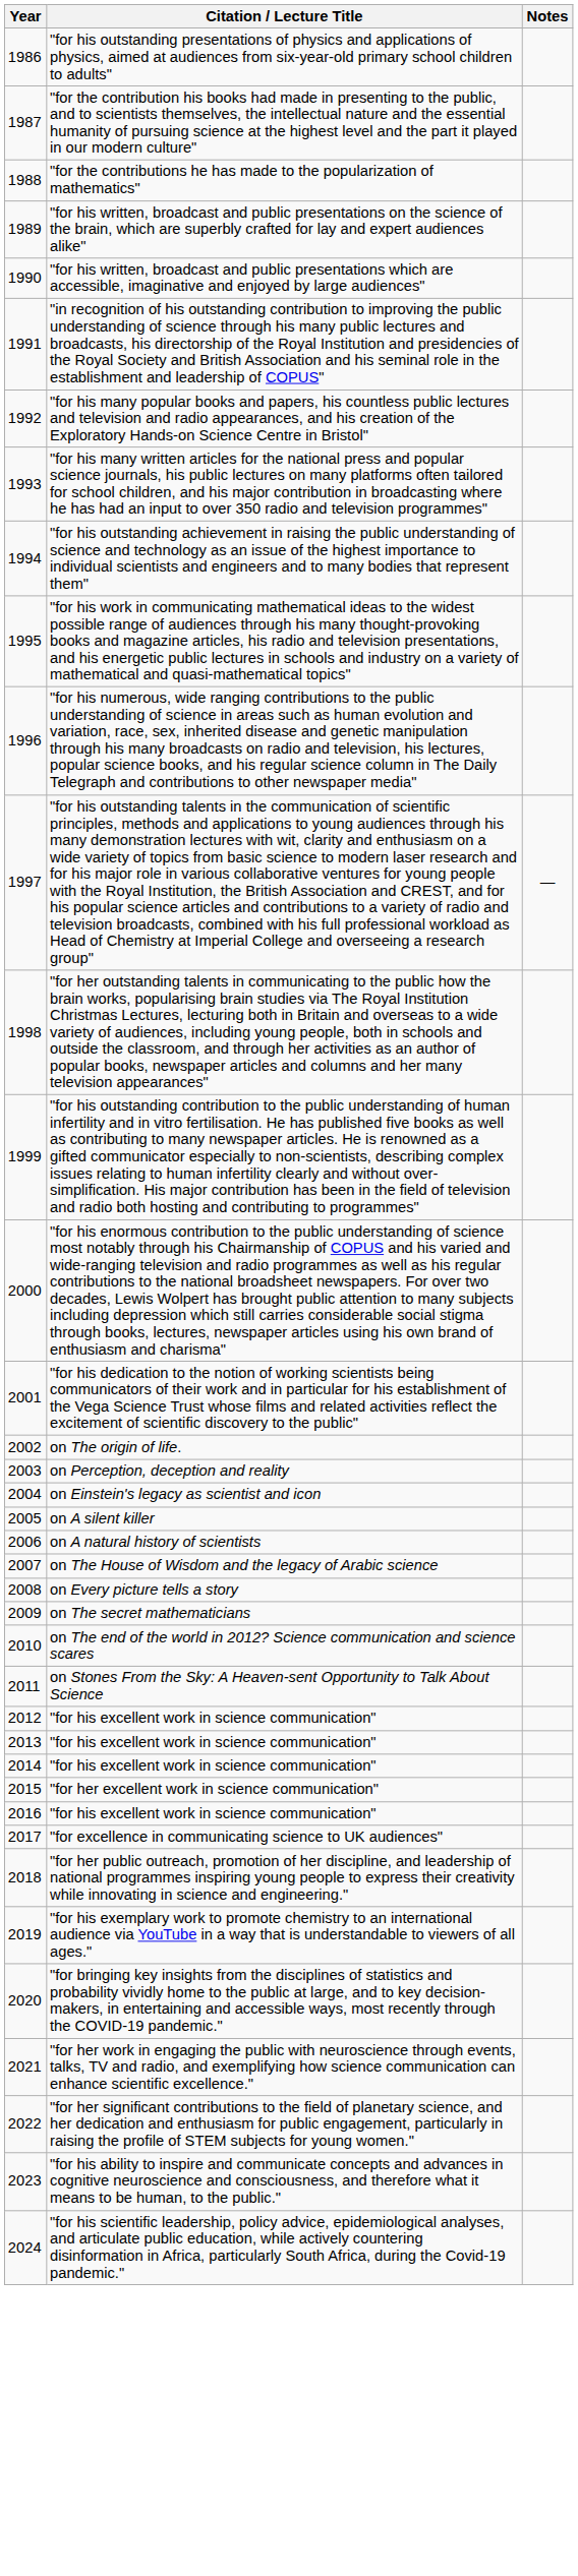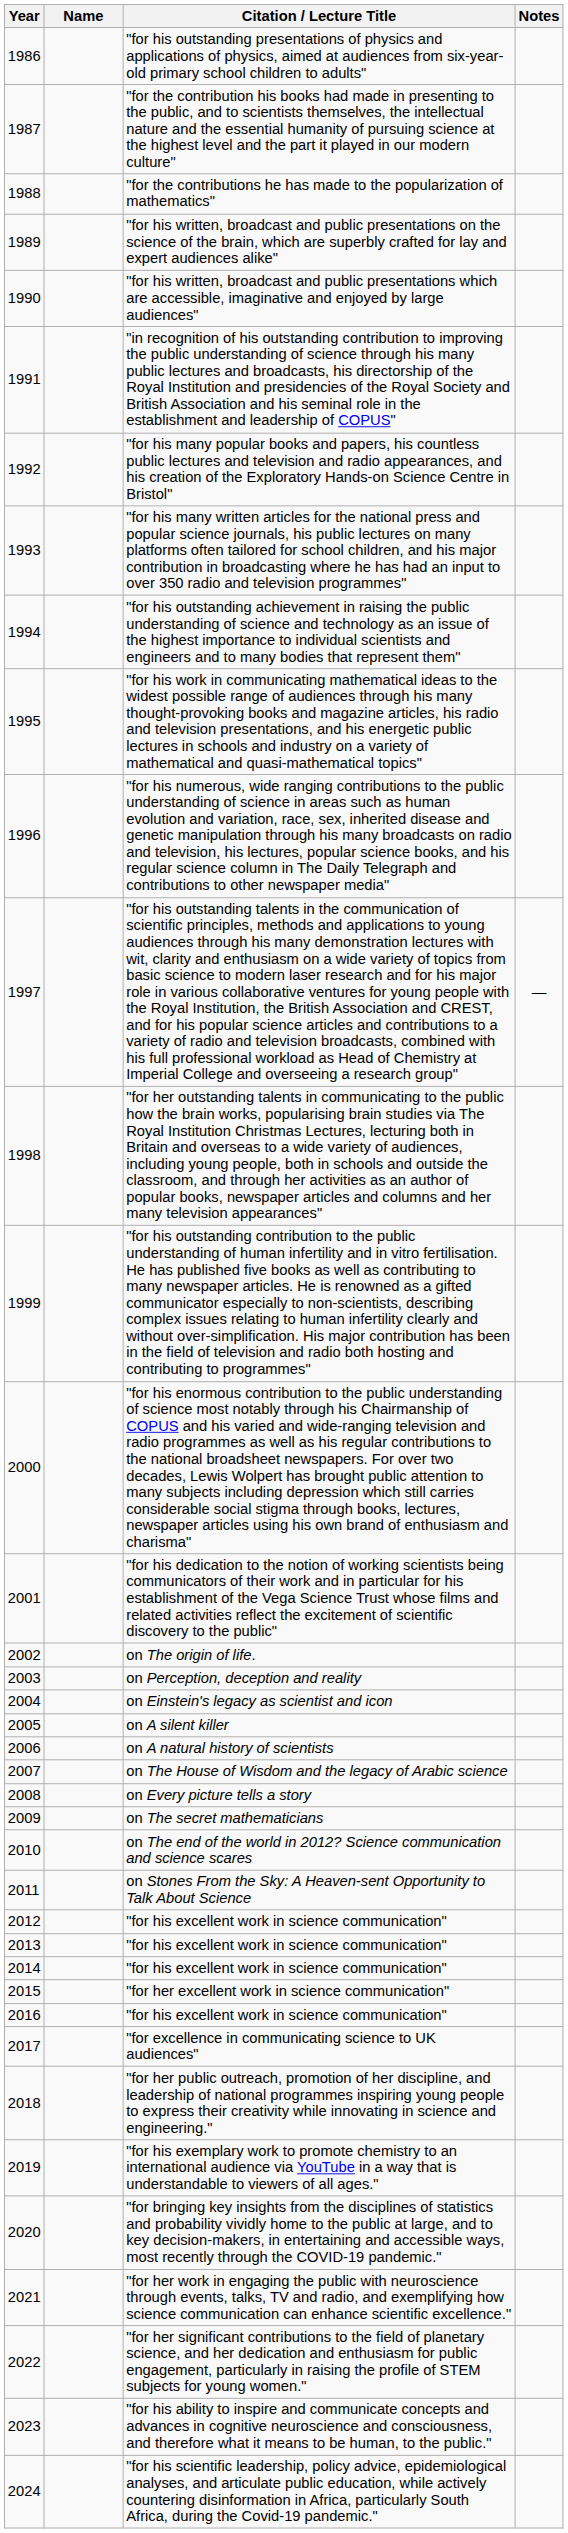 <table class="wikitable sortable" border="1" style="align:left;">
 <tr>
 <th width="4%">Year</th>
+<th width="15%"class="unsortable">Name</th>
 <th width="78%" class="unsortable">Citation / Lecture Title</th>
 <th width="5%" class="unsortable">Notes</th>
 </tr>
 <tr>
 <td>1986</td>
+<td></td>
 <td>"for his outstanding presentations of physics and applications of physics, aimed at audiences from six-year-old primary school children to adults"</td>
 <td align=center></td>
 </tr>
 <tr>
 <td>1987</td>
+<td></td>
 <td>"for the contribution his books had made in presenting to the public, and to scientists themselves, the intellectual nature and the essential humanity of pursuing science at the highest level and the part it played in our modern culture"</td>
 <td align=center></td>
 </tr>
 <tr>
 <td>1988</td>
+<td></td>
 <td>"for the contributions he has made to the popularization of mathematics"</td>
 <td align=center></td>
 </tr>
 <tr>
 <td>1989</td>
+<td></td>
 <td>"for his written, broadcast and public presentations on the science of the brain, which are superbly crafted for lay and expert audiences alike"</td>
 <td align=center></td>
 </tr>
 <tr>
 <td>1990</td>
+<td></td>
 <td>"for his written, broadcast and public presentations which are accessible, imaginative and enjoyed by large audiences"</td>
 <td align=center></td>
 </tr>
 <tr>
 <td>1991</td>
+<td></td>
 <td>"in recognition of his outstanding contribution to improving the public understanding of science through his many public lectures and broadcasts, his directorship of the Royal Institution and presidencies of the Royal Society and British Association and his seminal role in the establishment and leadership of <a href='#'>COPUS</a>"</td>
 <td align=center></td>
 </tr>
 <tr>
 <td>1992</td>
+<td></td>
 <td>"for his many popular books and papers, his countless public lectures and television and radio appearances, and his creation of the Exploratory Hands-on Science Centre in Bristol"</td>
 <td align=center></td>
 </tr>
 <tr>
 <td>1993</td>
+<td></td>
 <td>"for his many written articles for the national press and popular science journals, his public lectures on many platforms often tailored for school children, and his major contribution in broadcasting where he has had an input to over 350 radio and television programmes"</td>
 <td align=center></td>
 </tr>
 <tr>
 <td>1994</td>
+<td></td>
 <td>"for his outstanding achievement in raising the public understanding of science and technology as an issue of the highest importance to individual scientists and engineers and to many bodies that represent them"</td>
 <td align=center></td>
 </tr>
 <tr>
 <td>1995</td>
+<td></td>
 <td>"for his work in communicating mathematical ideas to the widest possible range of audiences through his many thought-provoking books and magazine articles, his radio and television presentations, and his energetic public lectures in schools and industry on a variety of mathematical and quasi-mathematical topics"</td>
 <td align=center></td>
 </tr>
 <tr>
 <td>1996</td>
+<td></td>
 <td>"for his numerous, wide ranging contributions to the public understanding of science in areas such as human evolution and variation, race, sex, inherited disease and genetic manipulation through his many broadcasts on radio and television, his lectures, popular science books, and his regular science column in The Daily Telegraph and contributions to other newspaper media"</td>
 <td align=center></td>
 </tr>
 <tr>
 <td>1997</td>
+<td></td>
 <td>"for his outstanding talents in the communication of scientific principles, methods and applications to young audiences through his many demonstration lectures with wit, clarity and enthusiasm on a wide variety of topics from basic science to modern laser research and for his major role in various collaborative ventures for young people with the Royal Institution, the British Association and CREST, and for his popular science articles and contributions to a variety of radio and television broadcasts, combined with his full professional workload as Head of Chemistry at Imperial College and overseeing a research group"</td>
 <td align=center>—</td>
 </tr>
 <tr>
 <td>1998</td>
+<td></td>
 <td>"for her outstanding talents in communicating to the public how the brain works, popularising brain studies via The Royal Institution Christmas Lectures, lecturing both in Britain and overseas to a wide variety of audiences, including young people, both in schools and outside the classroom, and through her activities as an author of popular books, newspaper articles and columns and her many television appearances"</td>
 <td align=center></td>
 </tr>
 <tr>
 <td>1999</td>
+<td></td>
 <td>"for his outstanding contribution to the public understanding of human infertility and in vitro fertilisation. He has published five books as well as contributing to many newspaper articles. He is renowned as a gifted communicator especially to non-scientists, describing complex issues relating to human infertility clearly and without over-simplification. His major contribution has been in the field of television and radio both hosting and contributing to programmes"</td>
 <td align=center></td>
 </tr>
 <tr>
 <td>2000</td>
+<td></td>
 <td>"for his enormous contribution to the public understanding of science most notably through his Chairmanship of <a href='#'>COPUS</a> and his varied and wide-ranging television and radio programmes as well as his regular contributions to the national broadsheet newspapers. For over two decades, Lewis Wolpert has brought public attention to many subjects including depression which still carries considerable social stigma through books, lectures, newspaper articles using his own brand of enthusiasm and charisma"</td>
 <td align=center></td>
 </tr>
 <tr>
 <td>2001</td>
+<td></td>
 <td>"for his dedication to the notion of working scientists being communicators of their work and in particular for his establishment of the Vega Science Trust whose films and related activities reflect the excitement of scientific discovery to the public"</td>
 <td align=center></td>
 </tr>
 <tr>
 <td>2002</td>
+<td></td>
 <td>on <em>The origin of life</em>.</td>
 <td align=center></td>
 </tr>
 <tr>
 <td>2003</td>
+<td></td>
 <td>on <em>Perception, deception and reality</em></td>
 <td align=center></td>
 </tr>
 <tr>
 <td>2004</td>
+<td></td>
 <td>on <em>Einstein's legacy as scientist and icon</em></td>
 <td align=center></td>
 </tr>
 <tr>
 <td>2005</td>
+<td></td>
 <td>on <em>A silent killer</em></td>
 <td align=center></td>
 </tr>
 <tr>
 <td>2006</td>
+<td></td>
 <td>on <em>A natural history of scientists</em></td>
 <td align=center></td>
 </tr>
 <tr>
 <td>2007</td>
+<td></td>
 <td>on <em>The House of Wisdom and the legacy of Arabic science</em></td>
 <td align=center></td>
 </tr>
 <tr>
 <td>2008</td>
+<td></td>
 <td>on <em>Every picture tells a story</em></td>
 <td align=center></td>
 </tr>
 <tr>
 <td>2009</td>
+<td></td>
 <td>on  <em>The secret mathematicians</em></td>
 <td align=center></td>
 </tr>
 <tr>
 <td>2010</td>
+<td></td>
 <td>on <em>The end of the world in 2012?  Science communication and science scares</em></td>
 <td align=center></td>
 </tr>
 <tr>
 <td>2011</td>
+<td></td>
 <td>on <em>Stones From the Sky: A Heaven-sent Opportunity to Talk About Science</em></td>
 <td align=center></td>
 </tr>
 <tr>
 <td>2012</td>
+<td></td>
 <td>"for his excellent work in science communication"</td>
 <td align=center></td>
 </tr>
 <tr>
 <td>2013</td>
+<td></td>
 <td>"for his excellent work in science communication"</td>
 <td align=center></td>
 </tr>
 <tr>
 <td>2014</td>
+<td></td>
 <td>"for his excellent work in science communication"</td>
 <td align=center></td>
 </tr>
 <tr>
 <td>2015</td>
+<td></td>
 <td>"for her excellent work in science communication"</td>
 <td align=center></td>
 </tr>
 <tr>
 <td>2016</td>
+<td></td>
 <td>"for his excellent work in science communication"</td>
 <td align=center></td>
 </tr>
 <tr>
 <td>2017</td>
+<td></td>
 <td>"for excellence in communicating science to UK audiences"</td>
 <td align=center></td>
 </tr>
 <tr>
 <td>2018</td>
+<td></td>
 <td>"for her public outreach, promotion of her discipline, and leadership of national programmes inspiring young people to express their creativity while innovating in science and engineering."</td>
 <td align=center></td>
 </tr>
 <tr>
 <td>2019</td>
+<td></td>
 <td>"for his exemplary work to promote chemistry to an international audience via <a href='#'>YouTube</a> in a way that is understandable to viewers of all ages."</td>
 <td align=center></td>
 </tr>
 <tr>
 <td>2020</td>
+<td></td>
 <td>"for bringing key insights from the disciplines of statistics and probability vividly home to the public at large, and to key decision-makers, in entertaining and accessible ways, most recently through the COVID-19 pandemic."</td>
 <td align=center></td>
 </tr>
 <tr>
 <td>2021</td>
+<td></td>
 <td>"for her work in engaging the public with neuroscience through events, talks, TV and radio, and exemplifying how science communication can enhance scientific excellence."</td>
 <td align=center></td>
 </tr>
 <tr>
 <td>2022</td>
+<td></td>
 <td>"for her significant contributions to the field of planetary science, and her dedication and enthusiasm for public engagement, particularly in raising the profile of STEM subjects for young women."</td>
 <td align=center></td>
 </tr>
 <tr>
 <td>2023</td>
+<td></td>
 <td>"for his ability to inspire and communicate concepts and advances in cognitive neuroscience and consciousness, and therefore what it means to be human, to the public."</td>
 <td align=center></td>
 </tr>
 <tr>
 <td>2024</td>
+<td></td>
 <td>"for his scientific leadership, policy advice, epidemiological analyses, and articulate public education, while actively countering disinformation in Africa, particularly South Africa, during the Covid-19 pandemic."</td>
 <td align=center></td>
 </tr>
 </table>
